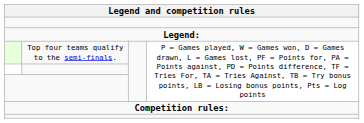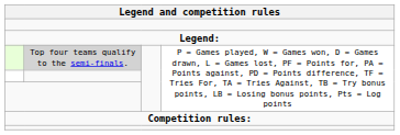 <table class="wikitable collapsible collapsed" style="text-align:center; line-height:100%; font-size:100%; width:60%;">
 <tr>
 <th colspan="4" style="border:0px">Legend and competition rules</th>
 </tr>
 <tr>
 <td colspan="4" style="height:10px"></td>
 </tr>
 <tr>
 <td colspan="4" style="border:0px"><strong>Legend:</strong></td>
 </tr>
 <tr>
 <td style="height:10px; width:5%; background:#E8FFD8;"></td>
-<td style="width:30%;"><small>Top four teams qualify to the <a href='#'>semi-finals</a>.</small></td>
+<td style="background: lightgrey; width:30%;"><small>Top four teams qualify to the <a href='#'>semi-finals</a>.</small></td>
 <td rowspan="3" style="width:5%;"></td>
 <td rowspan="3" style="width:60%; background:#FFFFFF;"><small>P = Games played, W = Games won, D = Games drawn, L = Games lost, PF = Points for, PA = Points against, PD = Points difference, TF = Tries For, TA = Tries Against, TB = Try bonus points, LB = Losing bonus points, Pts = Log points</small></td>
 </tr>
 <tr>
 <td style="height:10px; width:5%; background:#FFFFFF;"></td>
 </tr>
 <tr>
 <td colspan="2"></td>
 </tr>
 <tr>
 <td colspan="4" style="border:0px"><strong>Competition rules:</strong></td>
 </tr>
 <tr>
 <td colspan="4"></td>
 </tr>
 </table>
